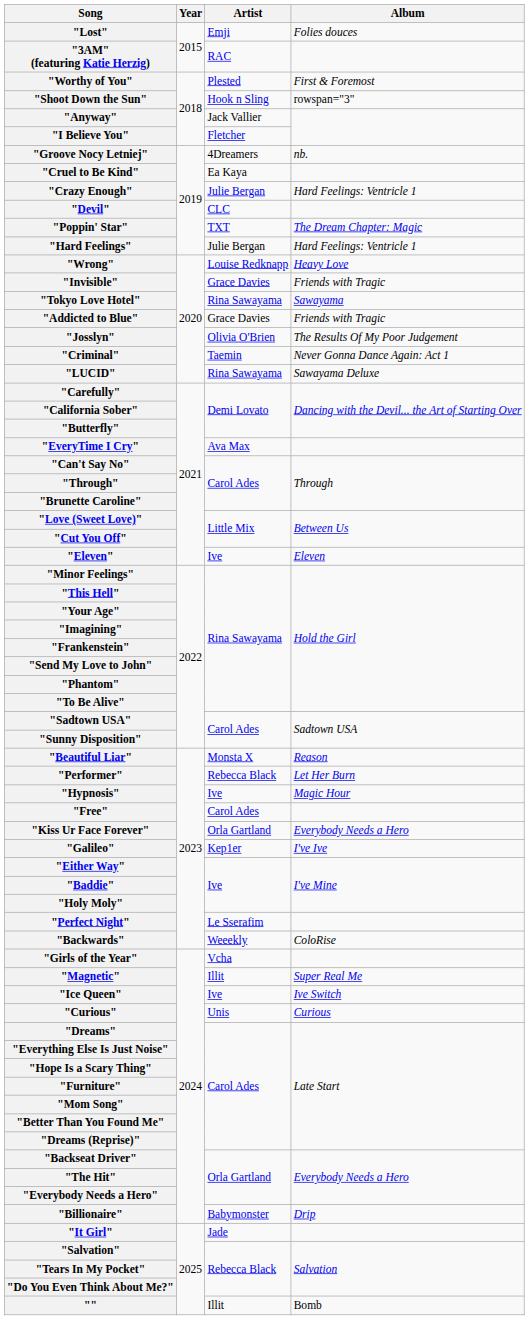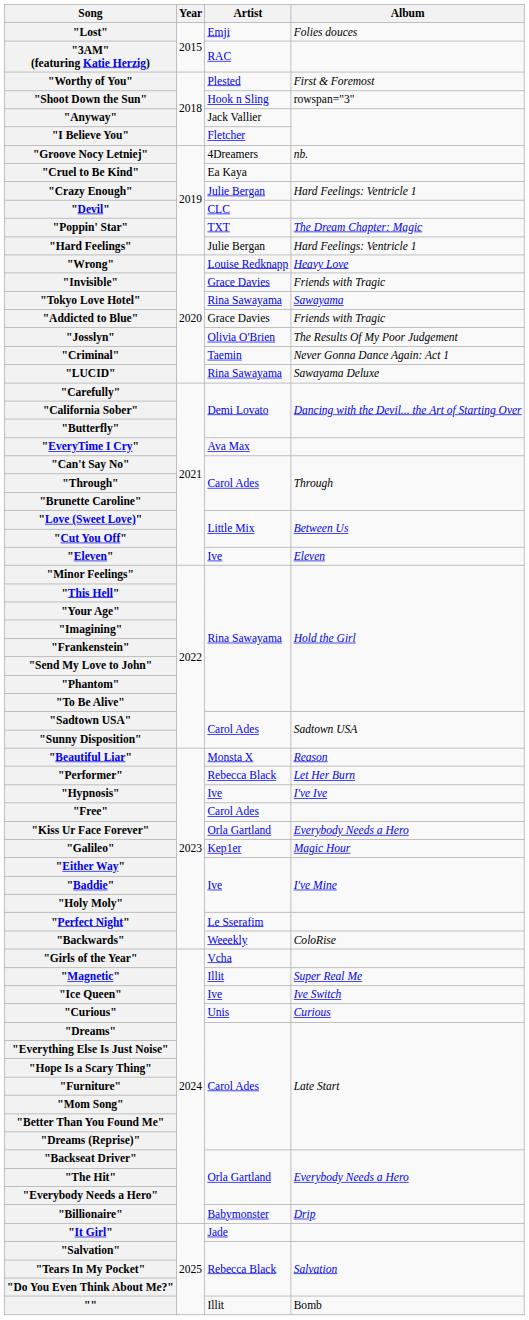 <table class="wikitable plainrowheaders">
 <tr>
 <th scope="col">Song</th>
 <th scope="col">Year</th>
 <th scope="col">Artist</th>
 <th scope="col">Album</th>
 </tr>
 <tr>
 <th scope="row">"Lost"</th>
 <td rowspan="2">2015</td>
 <td><a href='#'>Emji</a></td>
 <td><em>Folies douces</em></td>
 </tr>
 <tr>
 <th scope="row">"3AM"<br><span>(featuring <a href='#'>Katie Herzig</a>)</span></th>
 <td><a href='#'>RAC</a></td>
 <td></td>
 </tr>
 <tr>
 <th scope="row">"Worthy of You"</th>
 <td rowspan="4">2018</td>
 <td><a href='#'>Plested</a></td>
 <td><em>First & Foremost</em></td>
 </tr>
 <tr>
 <th scope="row">"Shoot Down the Sun"</th>
 <td><a href='#'>Hook n Sling</a></td>
 <td>rowspan="3" </td>
 </tr>
 <tr>
 <th scope="row">"Anyway"</th>
 <td>Jack Vallier</td>
 </tr>
 <tr>
 <th scope="row">"I Believe You"</th>
 <td><a href='#'>Fletcher</a></td>
 </tr>
 <tr>
 <th scope="row">"Groove Nocy Letniej"</th>
 <td rowspan="6">2019</td>
 <td>4Dreamers</td>
 <td><em>nb.</em></td>
 </tr>
 <tr>
 <th scope="row">"Cruel to Be Kind"</th>
 <td>Ea Kaya</td>
 <td></td>
 </tr>
 <tr>
 <th scope="row">"Crazy Enough"</th>
 <td><a href='#'>Julie Bergan</a></td>
 <td><em>Hard Feelings: Ventricle 1</em></td>
 </tr>
 <tr>
 <th scope="row">"<a href='#'>Devil</a>"</th>
 <td><a href='#'>CLC</a></td>
 <td></td>
 </tr>
 <tr>
 <th scope="row">"Poppin' Star"</th>
 <td><a href='#'>TXT</a></td>
 <td><em><a href='#'>The Dream Chapter: Magic</a></em></td>
 </tr>
 <tr>
 <th scope="row">"Hard Feelings"</th>
 <td>Julie Bergan</td>
 <td><em>Hard Feelings: Ventricle 1</em></td>
 </tr>
 <tr>
 <th scope="row">"Wrong"</th>
 <td rowspan="7">2020</td>
 <td><a href='#'>Louise Redknapp</a></td>
 <td><em><a href='#'>Heavy Love</a></em></td>
 </tr>
 <tr>
 <th scope="row">"Invisible"</th>
 <td><a href='#'>Grace Davies</a></td>
 <td><em>Friends with Tragic</em></td>
 </tr>
 <tr>
 <th scope="row">"Tokyo Love Hotel"</th>
 <td><a href='#'>Rina Sawayama</a></td>
 <td><em><a href='#'>Sawayama</a></em></td>
 </tr>
 <tr>
 <th scope="row">"Addicted to Blue"</th>
 <td>Grace Davies</td>
 <td><em>Friends with Tragic</em></td>
 </tr>
 <tr>
 <th scope="row">"Josslyn"</th>
 <td><a href='#'>Olivia O'Brien</a></td>
 <td><em>The Results Of My Poor Judgement</em></td>
 </tr>
 <tr>
 <th scope="row">"Criminal"</th>
 <td><a href='#'>Taemin</a></td>
 <td><em>Never Gonna Dance Again: Act 1</em></td>
 </tr>
 <tr>
 <th scope="row">"LUCID"</th>
 <td><a href='#'>Rina Sawayama</a></td>
 <td><em>Sawayama Deluxe</em></td>
 </tr>
 <tr>
 <th scope="row">"Carefully"</th>
 <td rowspan="10">2021</td>
 <td rowspan="3"><a href='#'>Demi Lovato</a></td>
 <td rowspan="3"><em><a href='#'>Dancing with the Devil... the Art of Starting Over</a></em></td>
 </tr>
 <tr>
 <th scope="row">"California Sober"</th>
 </tr>
 <tr>
 <th scope="row">"Butterfly"</th>
 </tr>
 <tr>
 <th scope="row">"<a href='#'>EveryTime I Cry</a>"</th>
 <td><a href='#'>Ava Max</a></td>
 <td></td>
 </tr>
 <tr>
 <th scope="row">"Can't Say No"</th>
 <td rowspan="3"><a href='#'>Carol Ades</a></td>
 <td rowspan="3"><em>Through</em></td>
 </tr>
 <tr>
 <th scope="row">"Through"</th>
 </tr>
 <tr>
 <th scope="row">"Brunette Caroline"</th>
 </tr>
 <tr>
 <th scope="row">"<a href='#'>Love (Sweet Love)</a>"</th>
 <td rowspan="2"><a href='#'>Little Mix</a></td>
 <td rowspan="2"><em><a href='#'>Between Us</a></em></td>
 </tr>
 <tr>
 <th scope="row">"<a href='#'>Cut You Off</a>"</th>
 </tr>
 <tr>
 <th scope="row">"<a href='#'>Eleven</a>"</th>
 <td><a href='#'>Ive</a></td>
 <td><em><a href='#'>Eleven</a></em></td>
 </tr>
 <tr>
 <th scope="row">"Minor Feelings"</th>
 <td rowspan="10">2022</td>
 <td rowspan="8"><a href='#'>Rina Sawayama</a></td>
 <td rowspan="8"><em><a href='#'>Hold the Girl</a></em></td>
 </tr>
 <tr>
 <th scope="row">"<a href='#'>This Hell</a>"</th>
 </tr>
 <tr>
 <th scope="row">"Your Age"</th>
 </tr>
 <tr>
 <th scope="row">"Imagining"</th>
 </tr>
 <tr>
 <th scope="row">"Frankenstein"</th>
 </tr>
 <tr>
 <th scope="row">"Send My Love to John"</th>
 </tr>
 <tr>
 <th scope="row">"Phantom"</th>
 </tr>
 <tr>
 <th scope="row">"To Be Alive"</th>
 </tr>
 <tr>
 <th scope="row">"Sadtown USA"</th>
 <td rowspan="2"><a href='#'>Carol Ades</a></td>
 <td rowspan="2"><em>Sadtown USA</em></td>
 </tr>
 <tr>
 <th scope="row">"Sunny Disposition"</th>
 </tr>
 <tr>
 <th scope="row">"<a href='#'>Beautiful Liar</a>"</th>
 <td rowspan="11">2023</td>
 <td><a href='#'>Monsta X</a></td>
 <td><em><a href='#'>Reason</a></em></td>
 </tr>
 <tr>
 <th scope="row">"Performer"</th>
 <td><a href='#'>Rebecca Black</a></td>
 <td><em><a href='#'>Let Her Burn</a></em></td>
 </tr>
 <tr>
 <th scope="row">"Hypnosis"</th>
 <td><a href='#'>Ive</a></td>
-<td><em><a href='#'>Magic Hour</a></em></td>
+<td><em><a href='#'>I've Ive</a></em></td>
 </tr>
 <tr>
 <th scope="row">"Free"</th>
 <td><a href='#'>Carol Ades</a></td>
 <td></td>
 </tr>
 <tr>
 <th scope="row">"Kiss Ur Face Forever"</th>
 <td><a href='#'>Orla Gartland</a></td>
 <td><em><a href='#'>Everybody Needs a Hero</a></em></td>
 </tr>
 <tr>
 <th scope="row">"Galileo"</th>
 <td><a href='#'>Kep1er</a></td>
-<td><em><a href='#'>I've Ive</a></em></td>
+<td><em><a href='#'>Magic Hour</a></em></td>
 </tr>
 <tr>
 <th scope="row">"<a href='#'>Either Way</a>"</th>
 <td rowspan="3"><a href='#'>Ive</a></td>
 <td rowspan="3"><em><a href='#'>I've Mine</a></em></td>
 </tr>
 <tr>
 <th scope="row">"<a href='#'>Baddie</a>"</th>
 </tr>
 <tr>
 <th scope="row">"Holy Moly"</th>
 </tr>
 <tr>
 <th scope="row">"<a href='#'>Perfect Night</a>"</th>
 <td><a href='#'>Le Sserafim</a></td>
 <td></td>
 </tr>
 <tr>
 <th scope="row">"Backwards"</th>
 <td><a href='#'>Weeekly</a></td>
 <td><em>ColoRise</em></td>
 </tr>
 <tr>
 <th scope="row">"Girls of the Year"</th>
 <td rowspan="15">2024</td>
 <td><a href='#'>Vcha</a></td>
 <td></td>
 </tr>
 <tr>
 <th scope="row">"<a href='#'>Magnetic</a>"</th>
 <td><a href='#'>Illit</a></td>
 <td><em><a href='#'>Super Real Me</a></em></td>
 </tr>
 <tr>
 <th scope="row">"Ice Queen"</th>
 <td><a href='#'>Ive</a></td>
 <td><em><a href='#'>Ive Switch</a></em></td>
 </tr>
 <tr>
 <th scope="row">"Curious"</th>
 <td><a href='#'>Unis</a></td>
 <td><em><a href='#'>Curious</a></em></td>
 </tr>
 <tr>
 <th scope="row">"Dreams"</th>
 <td rowspan="7"><a href='#'>Carol Ades</a></td>
 <td rowspan="7"><em>Late Start</em></td>
 </tr>
 <tr>
 <th scope="row">"Everything Else Is Just Noise"</th>
 </tr>
 <tr>
 <th scope="row">"Hope Is a Scary Thing"</th>
 </tr>
 <tr>
 <th scope="row">"Furniture"</th>
 </tr>
 <tr>
 <th scope="row">"Mom Song"</th>
 </tr>
 <tr>
 <th scope="row">"Better Than You Found Me"</th>
 </tr>
 <tr>
 <th scope="row">"Dreams (Reprise)"</th>
 </tr>
 <tr>
 <th scope="row">"Backseat Driver"</th>
 <td rowspan="3"><a href='#'>Orla Gartland</a></td>
 <td rowspan="3"><em><a href='#'>Everybody Needs a Hero</a></em></td>
 </tr>
 <tr>
 <th scope="row">"The Hit"</th>
 </tr>
 <tr>
 <th scope="row">"Everybody Needs a Hero"</th>
 </tr>
 <tr>
 <th scope="row">"Billionaire"</th>
 <td><a href='#'>Babymonster</a></td>
 <td><em><a href='#'>Drip</a></em></td>
 </tr>
 <tr>
 <th scope="row">"<a href='#'>It Girl</a>"</th>
 <td rowspan="5">2025</td>
 <td><a href='#'>Jade</a></td>
 <td></td>
 </tr>
 <tr>
 <th scope="row">"Salvation"</th>
 <td rowspan="3"><a href='#'>Rebecca Black</a></td>
 <td rowspan="3"><em><a href='#'>Salvation</a></td>
 </tr>
 <tr>
 <th scope="row">"Tears In My Pocket"</th>
 </tr>
 <tr>
 <th scope="row">"Do You Even Think About Me?"</th>
 </tr>
 <tr>
 <th scope="row">""</th>
 <td>Illit</td>
 <td></em>Bomb<em></td>
 </tr>
 </table>
